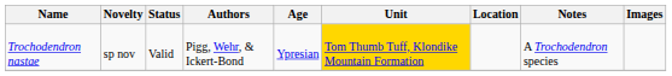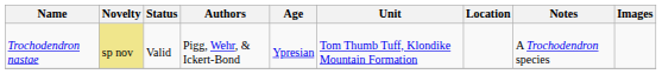 <table class="wikitable sortable" align="center" width="100%">
 <tr>
 <th>Name</th>
 <th>Novelty</th>
 <th>Status</th>
 <th>Authors</th>
 <th>Age</th>
 <th>Unit</th>
 <th>Location</th>
 <th>Notes</th>
 <th>Images</th>
 </tr>
 <tr>
 <td><br><em><a href='#'>Trochodendron nastae</a></em></td>
-<td><br>sp nov</td>
+<td style="background: khaki;"><br>sp nov</td>
 <td><br>Valid</td>
 <td><br>Pigg, <a href='#'>Wehr</a>, & Ickert-Bond</td>
 <td><br><a href='#'>Ypresian</a></td>
-<td style="background: gold;"><br><a href='#'>Tom Thumb Tuff, Klondike Mountain Formation</a></td>
+<td><br><a href='#'>Tom Thumb Tuff, Klondike Mountain Formation</a></td>
 <td><br></td>
 <td><br>A <em><a href='#'>Trochodendron</a></em> species</td>
 <td><br></td>
 </tr>
 <tr>
 </tr>
 </table>
